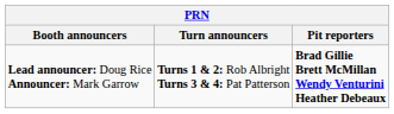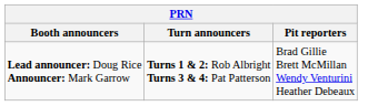 <table class="wikitable" style="font-size: 95%">
 <tr>
 <th colspan="3"><a href='#'>PRN</a></th>
 </tr>
 <tr>
 <th>Booth announcers</th>
 <th>Turn announcers</th>
 <th>Pit reporters</th>
 </tr>
 <tr>
 <td><strong>Lead announcer:</strong> Doug Rice<br><strong>Announcer:</strong> Mark Garrow</td>
 <td><strong>Turns 1 & 2:</strong> Rob Albright<br><strong>Turns 3 & 4:</strong> Pat Patterson</td>
-<td><strong>Brad Gillie<br>Brett McMillan<br><a href='#'>Wendy Venturini</a><br>Heather Debeaux</strong></td>
+<td>Brad Gillie<br>Brett McMillan<br><a href='#'>Wendy Venturini</a><br>Heather Debeaux</td>
 </tr>
 </table>
